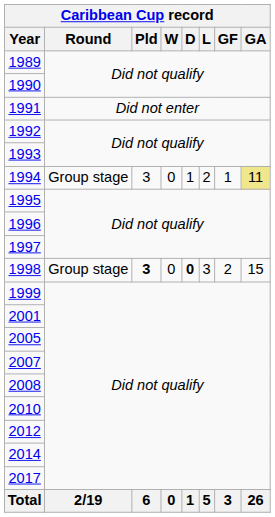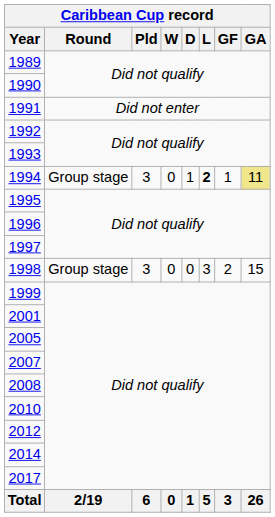 <table class="wikitable" style="text-align: center;">
 <tr>
 <th colspan=11><a href='#'>Caribbean Cup</a> record</th>
 </tr>
 <tr>
 <th>Year</th>
 <th>Round</th>
 <th>Pld</th>
 <th>W</th>
 <th>D</th>
 <th>L</th>
 <th>GF</th>
 <th>GA</th>
 </tr>
 <tr>
 <td> <a href='#'>1989</a></td>
 <td rowspan=2 colspan=7><em>Did not qualify</em></td>
 </tr>
 <tr>
 <td> <a href='#'>1990</a></td>
 </tr>
 <tr>
 <td> <a href='#'>1991</a></td>
 <td colspan=7><em>Did not enter</em></td>
 </tr>
 <tr>
 <td> <a href='#'>1992</a></td>
 <td rowspan=2 colspan=7><em>Did not qualify</em></td>
 </tr>
 <tr>
 <td> <a href='#'>1993</a></td>
 </tr>
 <tr>
 <td> <a href='#'>1994</a></td>
 <td>Group stage</td>
 <td>3</td>
 <td>0</td>
 <td>1</td>
-<td>2</td>
+<td><strong>2</strong></td>
 <td>1</td>
 <td style="background: khaki;">11</td>
 </tr>
 <tr>
 <td>  <a href='#'>1995</a></td>
 <td rowspan=3 colspan=7><em>Did not qualify</em></td>
 </tr>
 <tr>
 <td> <a href='#'>1996</a></td>
 </tr>
 <tr>
 <td>  <a href='#'>1997</a></td>
 </tr>
 <tr>
 <td>  <a href='#'>1998</a></td>
 <td>Group stage</td>
-<td><strong>3</strong></td>
+<td>3</td>
 <td>0</td>
-<td><strong>0</strong></td>
+<td>0</td>
 <td>3</td>
 <td>2</td>
 <td>15</td>
 </tr>
 <tr>
 <td> <a href='#'>1999</a></td>
 <td rowspan=9 colspan=7><em>Did not qualify</em></td>
 </tr>
 <tr>
 <td> <a href='#'>2001</a></td>
 </tr>
 <tr>
 <td> <a href='#'>2005</a></td>
 </tr>
 <tr>
 <td> <a href='#'>2007</a></td>
 </tr>
 <tr>
 <td> <a href='#'>2008</a></td>
 </tr>
 <tr>
 <td> <a href='#'>2010</a></td>
 </tr>
 <tr>
 <td> <a href='#'>2012</a></td>
 </tr>
 <tr>
 <td> <a href='#'>2014</a></td>
 </tr>
 <tr>
 <td> <a href='#'>2017</a></td>
 </tr>
 <tr>
 <th>Total</th>
 <th>2/19</th>
 <th>6</th>
 <th>0</th>
 <th>1</th>
 <th>5</th>
 <th>3</th>
 <th>26</th>
 </tr>
 </table>
